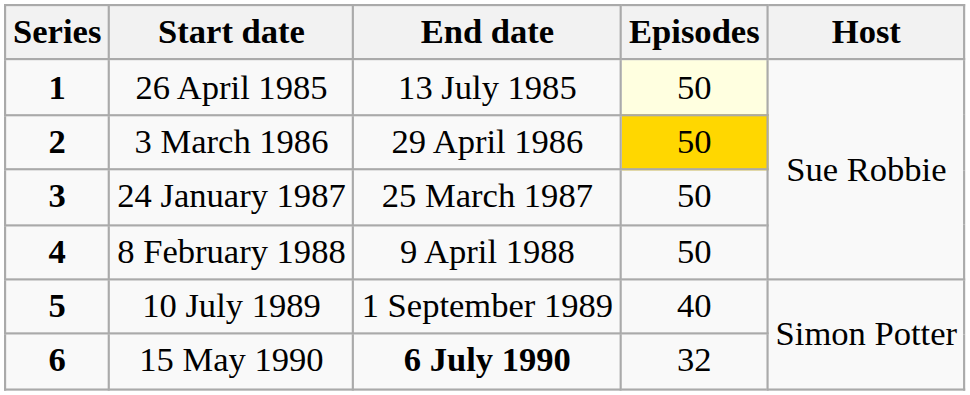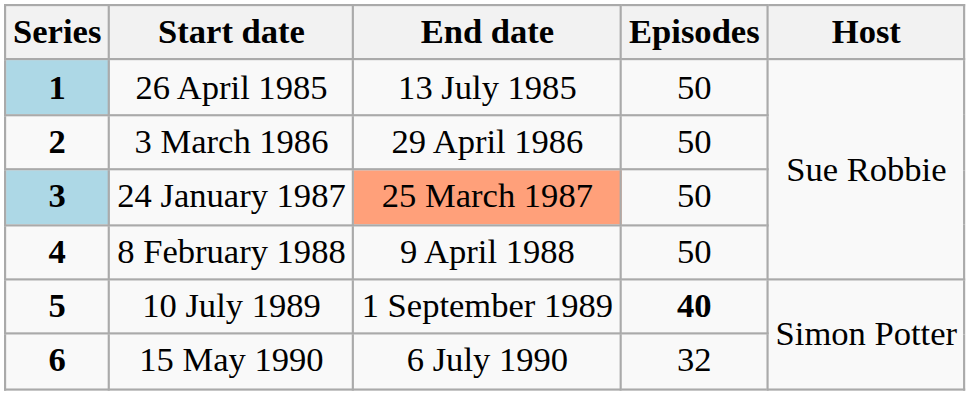 <table class="wikitable" style="text-align:center;">
 <tr>
 <th>Series</th>
 <th>Start date</th>
 <th>End date</th>
 <th>Episodes</th>
 <th>Host</th>
 </tr>
 <tr>
-<td><strong>1</strong></td>
+<td style="background: lightblue;"><strong>1</strong></td>
 <td>26 April 1985</td>
 <td>13 July 1985</td>
-<td style="background: lightyellow;">50</td>
+<td>50</td>
 <td rowspan="4">Sue Robbie</td>
 </tr>
 <tr>
 <td><strong>2</strong></td>
 <td>3 March 1986</td>
 <td>29 April 1986</td>
-<td style="background: gold;">50</td>
+<td>50</td>
 </tr>
 <tr>
-<td><strong>3</strong></td>
+<td style="background: lightblue;"><strong>3</strong></td>
 <td>24 January 1987</td>
-<td>25 March 1987</td>
+<td style="background: lightsalmon;">25 March 1987</td>
 <td>50</td>
 </tr>
 <tr>
 <td><strong>4</strong></td>
 <td>8 February 1988</td>
 <td>9 April 1988</td>
 <td>50</td>
 </tr>
 <tr>
 <td><strong>5</strong></td>
 <td>10 July 1989</td>
 <td>1 September 1989</td>
-<td>40</td>
+<td><strong>40</strong></td>
 <td rowspan="2">Simon Potter</td>
 </tr>
 <tr>
 <td><strong>6</strong></td>
 <td>15 May 1990</td>
-<td><strong>6 July 1990</strong></td>
+<td>6 July 1990</td>
 <td>32</td>
 </tr>
 </table>
